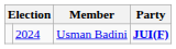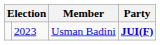 <table class="wikitable">
 <tr>
 <th colspan="2">Election</th>
 <th>Member</th>
 <th>Party</th>
 </tr>
 <tr>
 <td style="background-color: "></td>
-<td><a href='#'>2024</a></td>
+<td><a href='#'>2023</a></td>
 <td><a href='#'>Usman Badini</a></td>
 <td><strong><a href='#'>JUI(F)</a></strong></td>
 </tr>
 </table>
